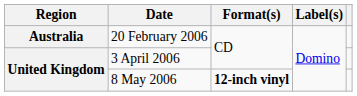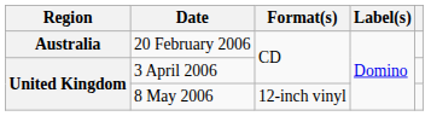 <table class="wikitable plainrowheaders">
 <tr>
 <th scope="col">Region</th>
 <th scope="col">Date</th>
 <th scope="col">Format(s)</th>
 <th scope="col">Label(s)</th>
 <th scope="col"></th>
 </tr>
 <tr>
 <th scope="row">Australia</th>
 <td>20 February 2006</td>
 <td rowspan="2">CD</td>
 <td rowspan="3"><a href='#'>Domino</a></td>
 <td></td>
 </tr>
 <tr>
 <th scope="row" rowspan="2">United Kingdom</th>
 <td>3 April 2006</td>
 <td></td>
 </tr>
 <tr>
 <td>8 May 2006</td>
-<td><strong>12-inch vinyl</strong></td>
+<td>12-inch vinyl</td>
 <td></td>
 </tr>
 </table>
